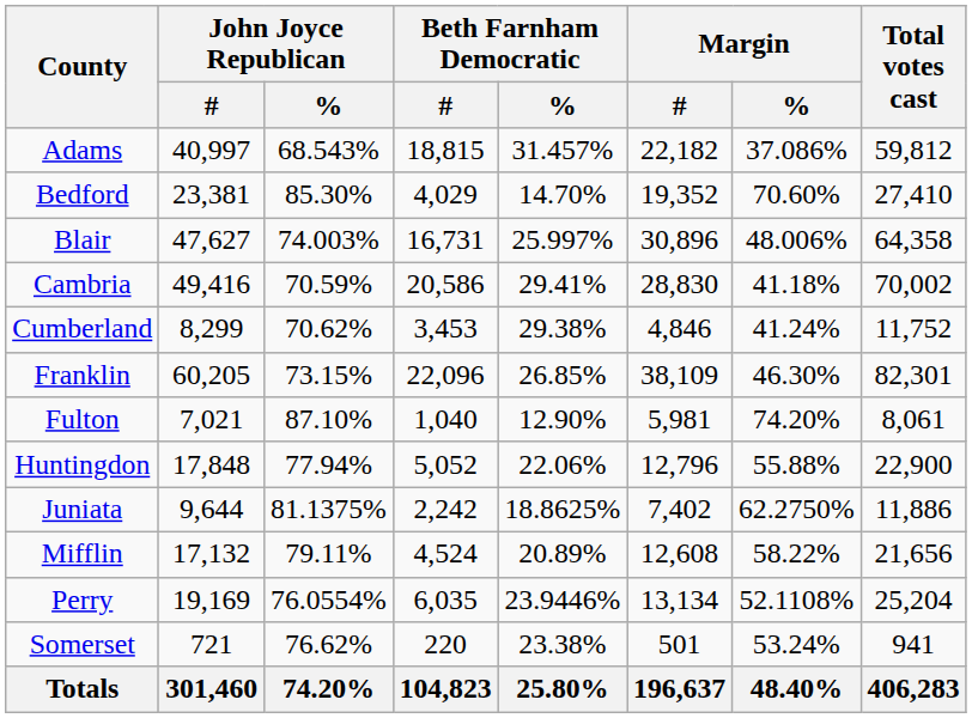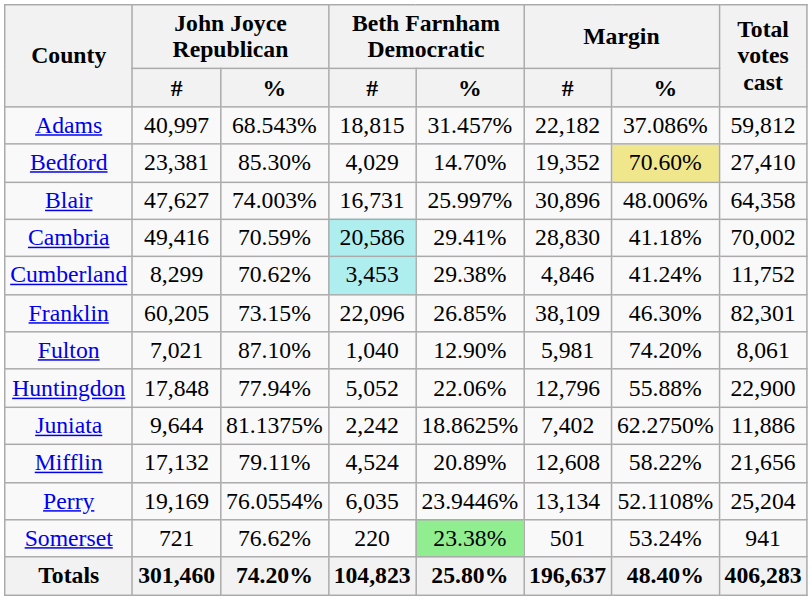 <table width="60%"  class="wikitable sortable" style="text-align:center">
 <tr>
 <th rowspan="2">County</th>
 <th style="text-align:center;" colspan="2">John Joyce<br>Republican</th>
 <th style="text-align:center;" colspan="2">Beth Farnham<br>Democratic</th>
 <th style="text-align:center;" colspan="2">Margin</th>
 <th rowspan="2" style="text-align:center;">Total votes cast</th>
 </tr>
 <tr>
 <th style="text-align:center;" data-sort-type="number">#</th>
 <th style="text-align:center;" data-sort-type="number">%</th>
 <th style="text-align:center;" data-sort-type="number">#</th>
 <th style="text-align:center;" data-sort-type="number">%</th>
 <th style="text-align:center;" data-sort-type="number">#</th>
 <th style="text-align:center;" data-sort-type="number">%</th>
 </tr>
 <tr style="text-align:center;">
 <td><a href='#'>Adams</a></td>
 <td>40,997</td>
 <td>68.543%</td>
 <td>18,815</td>
 <td>31.457%</td>
 <td>22,182</td>
 <td>37.086%</td>
 <td>59,812</td>
 </tr>
 <tr style="text-align:center;">
 <td><a href='#'>Bedford</a></td>
 <td>23,381</td>
 <td>85.30%</td>
 <td>4,029</td>
 <td>14.70%</td>
 <td>19,352</td>
-<td>70.60%</td>
+<td style="background: khaki;">70.60%</td>
 <td>27,410</td>
 </tr>
 <tr style="text-align:center;">
 <td><a href='#'>Blair</a></td>
 <td>47,627</td>
 <td>74.003%</td>
 <td>16,731</td>
 <td>25.997%</td>
 <td>30,896</td>
 <td>48.006%</td>
 <td>64,358</td>
 </tr>
 <tr style="text-align:center;">
 <td><a href='#'>Cambria</a></td>
 <td>49,416</td>
 <td>70.59%</td>
-<td>20,586</td>
+<td style="background: paleturquoise;">20,586</td>
 <td>29.41%</td>
 <td>28,830</td>
 <td>41.18%</td>
 <td>70,002</td>
 </tr>
 <tr style="text-align:center;">
 <td><a href='#'>Cumberland</a></td>
 <td>8,299</td>
 <td>70.62%</td>
-<td>3,453</td>
+<td style="background: paleturquoise;">3,453</td>
 <td>29.38%</td>
 <td>4,846</td>
 <td>41.24%</td>
 <td>11,752</td>
 </tr>
 <tr style="text-align:center;">
 <td><a href='#'>Franklin</a></td>
 <td>60,205</td>
 <td>73.15%</td>
 <td>22,096</td>
 <td>26.85%</td>
 <td>38,109</td>
 <td>46.30%</td>
 <td>82,301</td>
 </tr>
 <tr style="text-align:center;">
 <td><a href='#'>Fulton</a></td>
 <td>7,021</td>
 <td>87.10%</td>
 <td>1,040</td>
 <td>12.90%</td>
 <td>5,981</td>
 <td>74.20%</td>
 <td>8,061</td>
 </tr>
 <tr style="text-align:center;">
 <td><a href='#'>Huntingdon</a></td>
 <td>17,848</td>
 <td>77.94%</td>
 <td>5,052</td>
 <td>22.06%</td>
 <td>12,796</td>
 <td>55.88%</td>
 <td>22,900</td>
 </tr>
 <tr style="text-align:center;">
 <td><a href='#'>Juniata</a></td>
 <td>9,644</td>
 <td>81.1375%</td>
 <td>2,242</td>
 <td>18.8625%</td>
 <td>7,402</td>
 <td>62.2750%</td>
 <td>11,886</td>
 </tr>
 <tr style="text-align:center;">
 <td><a href='#'>Mifflin</a></td>
 <td>17,132</td>
 <td>79.11%</td>
 <td>4,524</td>
 <td>20.89%</td>
 <td>12,608</td>
 <td>58.22%</td>
 <td>21,656</td>
 </tr>
 <tr style="text-align:center;">
 <td><a href='#'>Perry</a></td>
 <td>19,169</td>
 <td>76.0554%</td>
 <td>6,035</td>
 <td>23.9446%</td>
 <td>13,134</td>
 <td>52.1108%</td>
 <td>25,204</td>
 </tr>
 <tr style="text-align:center;">
 <td><a href='#'>Somerset</a></td>
 <td>721</td>
 <td>76.62%</td>
 <td>220</td>
-<td>23.38%</td>
+<td style="background: lightgreen;">23.38%</td>
 <td>501</td>
 <td>53.24%</td>
 <td>941</td>
 </tr>
 <tr style="text-align:center;">
 <th>Totals</th>
 <th>301,460</th>
 <th>74.20%</th>
 <th>104,823</th>
 <th>25.80%</th>
 <th>196,637</th>
 <th>48.40%</th>
 <th>406,283</th>
 </tr>
 </table>
